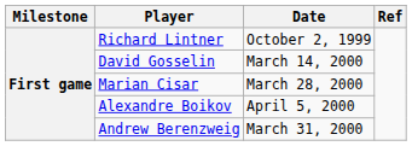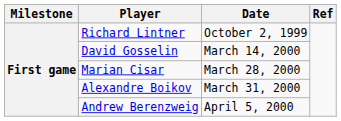 <table class="wikitable">
 <tr>
 <th scope="col">Milestone</th>
 <th scope="col">Player</th>
 <th scope="col">Date</th>
 <th scope="col">Ref</th>
 </tr>
 <tr>
 <th rowspan=5>First game</th>
 <td><a href='#'>Richard Lintner</a></td>
 <td>October 2, 1999</td>
 <td rowspan=5></td>
 </tr>
 <tr>
 <td><a href='#'>David Gosselin</a></td>
 <td>March 14, 2000</td>
 </tr>
 <tr>
 <td><a href='#'>Marian Cisar</a></td>
 <td>March 28, 2000</td>
 </tr>
 <tr>
 <td><a href='#'>Alexandre Boikov</a></td>
-<td>April 5, 2000</td>
+<td>March 31, 2000</td>
 </tr>
 <tr>
 <td><a href='#'>Andrew Berenzweig</a></td>
-<td>March 31, 2000</td>
+<td>April 5, 2000</td>
 </tr>
 </table>
